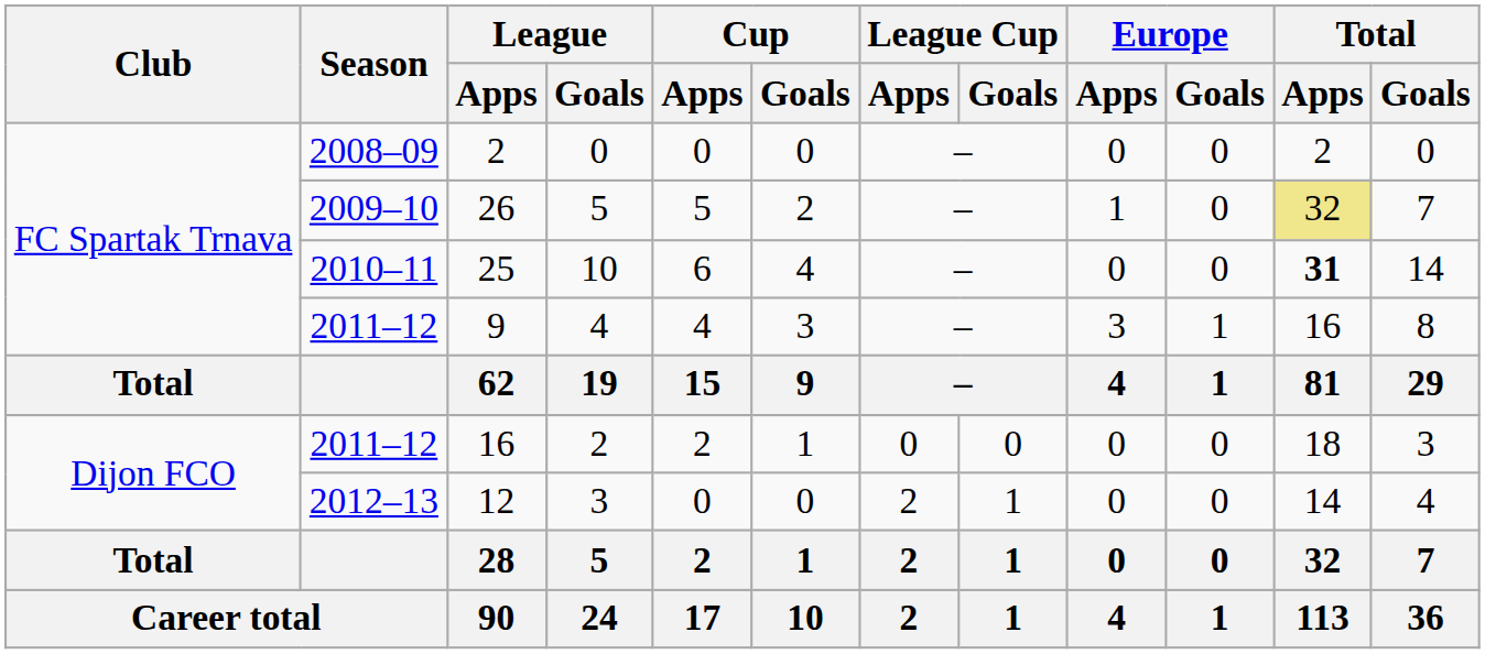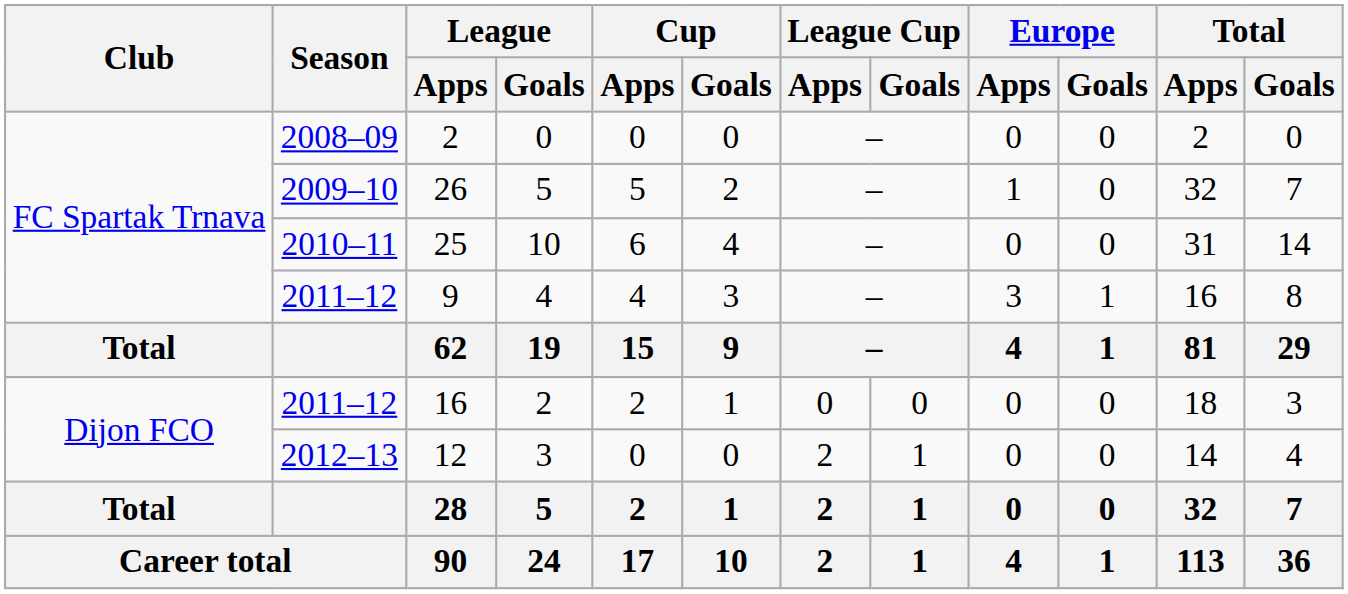 <table class="wikitable" style="text-align:center;">
 <tr>
 <th rowspan="2">Club</th>
 <th rowspan="2">Season</th>
 <th colspan="2">League</th>
 <th colspan="2">Cup</th>
 <th colspan="2">League Cup</th>
 <th colspan="2"><a href='#'>Europe</a></th>
 <th colspan="2">Total</th>
 </tr>
 <tr>
 <th>Apps</th>
 <th>Goals</th>
 <th>Apps</th>
 <th>Goals</th>
 <th>Apps</th>
 <th>Goals</th>
 <th>Apps</th>
 <th>Goals</th>
 <th>Apps</th>
 <th>Goals</th>
 </tr>
 <tr>
 <td rowspan="4"><a href='#'>FC Spartak Trnava</a></td>
 <td><a href='#'>2008–09</a></td>
 <td>2</td>
 <td>0</td>
 <td>0</td>
 <td>0</td>
 <td colspan="2">–</td>
 <td>0</td>
 <td>0</td>
 <td>2</td>
 <td>0</td>
 </tr>
 <tr>
 <td><a href='#'>2009–10</a></td>
 <td>26</td>
 <td>5</td>
 <td>5</td>
 <td>2</td>
 <td colspan="2">–</td>
 <td>1</td>
 <td>0</td>
-<td style="background: khaki;">32</td>
+<td>32</td>
 <td>7</td>
 </tr>
 <tr>
 <td><a href='#'>2010–11</a></td>
 <td>25</td>
 <td>10</td>
 <td>6</td>
 <td>4</td>
 <td colspan="2">–</td>
 <td>0</td>
 <td>0</td>
-<td><strong>31</strong></td>
+<td>31</td>
 <td>14</td>
 </tr>
 <tr>
 <td><a href='#'>2011–12</a></td>
 <td>9</td>
 <td>4</td>
 <td>4</td>
 <td>3</td>
 <td colspan="2">–</td>
 <td>3</td>
 <td>1</td>
 <td>16</td>
 <td>8</td>
 </tr>
 <tr>
 <th>Total</th>
 <th></th>
 <th>62</th>
 <th>19</th>
 <th>15</th>
 <th>9</th>
 <th colspan="2">–</th>
 <th>4</th>
 <th>1</th>
 <th>81</th>
 <th>29</th>
 </tr>
 <tr>
 <td rowspan="2"><a href='#'>Dijon FCO</a></td>
 <td><a href='#'>2011–12</a></td>
 <td>16</td>
 <td>2</td>
 <td>2</td>
 <td>1</td>
 <td>0</td>
 <td>0</td>
 <td>0</td>
 <td>0</td>
 <td>18</td>
 <td>3</td>
 </tr>
 <tr>
 <td><a href='#'>2012–13</a></td>
 <td>12</td>
 <td>3</td>
 <td>0</td>
 <td>0</td>
 <td>2</td>
 <td>1</td>
 <td>0</td>
 <td>0</td>
 <td>14</td>
 <td>4</td>
 </tr>
 <tr>
 <th>Total</th>
 <th></th>
 <th>28</th>
 <th>5</th>
 <th>2</th>
 <th>1</th>
 <th>2</th>
 <th>1</th>
 <th>0</th>
 <th>0</th>
 <th>32</th>
 <th>7</th>
 </tr>
 <tr>
 <th colspan="2">Career total</th>
 <th>90</th>
 <th>24</th>
 <th>17</th>
 <th>10</th>
 <th>2</th>
 <th>1</th>
 <th>4</th>
 <th>1</th>
 <th>113</th>
 <th>36</th>
 </tr>
 </table>
